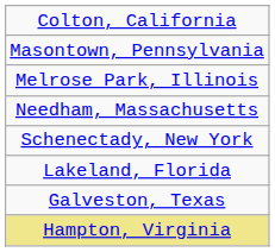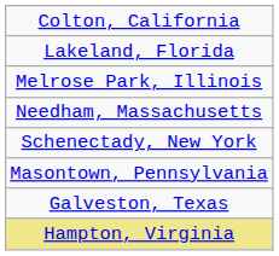 <table class="wikitable" style="text-align: center;">
 <tr>
 <td> <a href='#'>Colton, California</a></td>
 </tr>
 <tr>
-<td> <a href='#'>Masontown, Pennsylvania</a></td>
+<td> <a href='#'>Lakeland, Florida</a></td>
 </tr>
 <tr>
 <td> <a href='#'>Melrose Park, Illinois</a></td>
 </tr>
 <tr>
 <td> <a href='#'>Needham, Massachusetts</a></td>
 </tr>
 <tr>
 <td> <a href='#'>Schenectady, New York</a></td>
 </tr>
 <tr>
-<td> <a href='#'>Lakeland, Florida</a></td>
+<td> <a href='#'>Masontown, Pennsylvania</a></td>
 </tr>
 <tr>
 <td> <a href='#'>Galveston, Texas</a></td>
 </tr>
 <tr>
 <td style="background: khaki;"> <a href='#'>Hampton, Virginia</a></td>
 </tr>
 </table>
